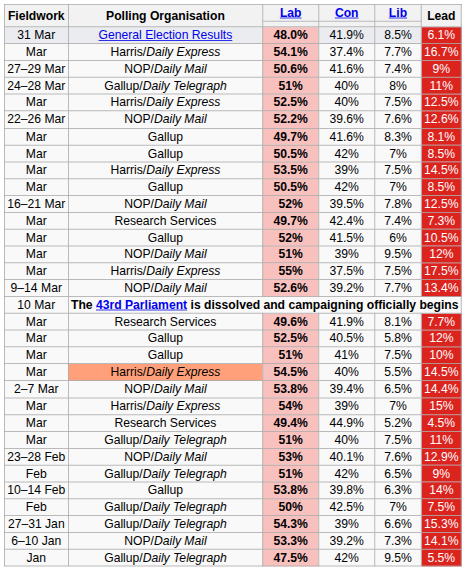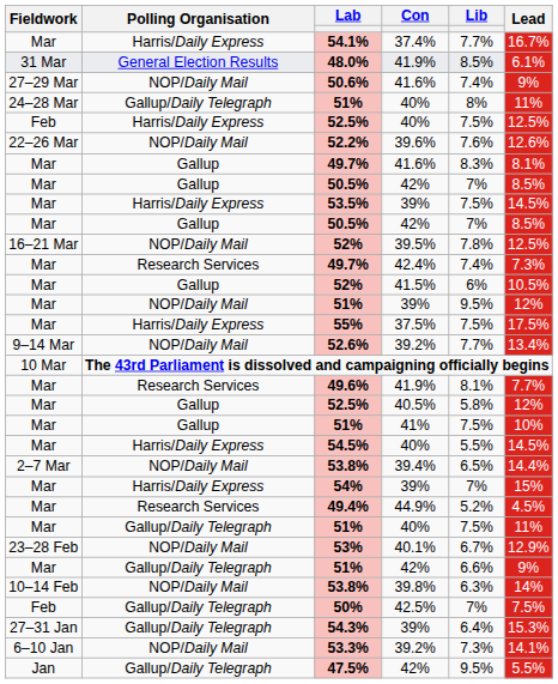 <table class="wikitable" style="text-align: center; line-height: 14px; font-size: 95%;">
 <tr>
 <th rowspan="2">Fieldwork</th>
 <th rowspan="2">Polling Organisation</th>
 <th><a href='#'>Lab</a></th>
 <th><a href='#'>Con</a></th>
 <th><a href='#'>Lib</a></th>
 <th class="unsortable" style="width:20px;" rowspan="2">Lead</th>
 </tr>
 <tr>
 <th style="background:"></th>
 <th style="background:"></th>
 <th style="background:"></th>
 </tr>
 <tr>
+<td>Mar</td>
+<td>Harris/<em>Daily Express</em></td>
+<td style="background:#F8C1BE"><strong>54.1%</strong></td>
+<td>37.4%</td>
+<td>7.7%</td>
+<td style="background:#DC241F; color:white;">16.7%</td>
+</tr>
+<tr>
 <td style="background:#EAECF0;">31 Mar</td>
 <td style="background:#EAECF0;"><a href='#'>General Election Results</a></td>
 <td style="background:#F8C1BE;"><strong>48.0%</strong></td>
 <td style="background:#EAECF0;">41.9%</td>
 <td style="background:#EAECF0;">8.5%</td>
 <td style="background:#DC241F; color:white;">6.1%</td>
-</tr>
-<tr>
-<td>Mar</td>
-<td>Harris/<em>Daily Express</em></td>
-<td style="background:#F8C1BE"><strong>54.1%</strong></td>
-<td>37.4%</td>
-<td>7.7%</td>
-<td style="background:#DC241F; color:white;">16.7%</td>
 </tr>
 <tr>
 <td>27–29 Mar</td>
 <td>NOP/<em>Daily Mail</em></td>
 <td style="background:#F8C1BE"><strong>50.6%</strong></td>
 <td>41.6%</td>
 <td>7.4%</td>
 <td style="background:#DC241F; color:white;">9%</td>
 </tr>
 <tr>
 <td>24–28 Mar</td>
 <td>Gallup/<em>Daily Telegraph</em></td>
 <td style="background:#F8C1BE"><strong>51%</strong></td>
 <td>40%</td>
 <td>8%</td>
 <td style="background:#DC241F; color:white;">11%</td>
 </tr>
 <tr>
-<td>Mar</td>
+<td>Feb</td>
 <td>Harris/<em>Daily Express</em></td>
 <td style="background:#F8C1BE"><strong>52.5%</strong></td>
 <td>40%</td>
 <td>7.5%</td>
 <td style="background:#DC241F; color:white;">12.5%</td>
 </tr>
 <tr>
 <td>22–26 Mar</td>
 <td>NOP/<em>Daily Mail</em></td>
 <td style="background:#F8C1BE"><strong>52.2%</strong></td>
 <td>39.6%</td>
 <td>7.6%</td>
 <td style="background:#DC241F; color:white;">12.6%</td>
 </tr>
 <tr>
 <td>Mar</td>
 <td>Gallup</td>
 <td style="background:#F8C1BE"><strong>49.7%</strong></td>
 <td>41.6%</td>
 <td>8.3%</td>
 <td style="background:#DC241F; color:white;">8.1%</td>
 </tr>
 <tr>
 <td>Mar</td>
 <td>Gallup</td>
 <td style="background:#F8C1BE"><strong>50.5%</strong></td>
 <td>42%</td>
 <td>7%</td>
 <td style="background:#DC241F; color:white;">8.5%</td>
 </tr>
 <tr>
 <td>Mar</td>
 <td>Harris/<em>Daily Express</em></td>
 <td style="background:#F8C1BE"><strong>53.5%</strong></td>
 <td>39%</td>
 <td>7.5%</td>
 <td style="background:#DC241F; color:white;">14.5%</td>
 </tr>
 <tr>
 <td>Mar</td>
 <td>Gallup</td>
 <td style="background:#F8C1BE"><strong>50.5%</strong></td>
 <td>42%</td>
 <td>7%</td>
 <td style="background:#DC241F; color:white;">8.5%</td>
 </tr>
 <tr>
 <td>16–21 Mar</td>
 <td>NOP/<em>Daily Mail</em></td>
 <td style="background:#F8C1BE"><strong>52%</strong></td>
 <td>39.5%</td>
 <td>7.8%</td>
 <td style="background:#DC241F; color:white;">12.5%</td>
 </tr>
 <tr>
 <td>Mar</td>
 <td>Research Services</td>
 <td style="background:#F8C1BE"><strong>49.7%</strong></td>
 <td>42.4%</td>
 <td>7.4%</td>
 <td style="background:#DC241F; color:white;">7.3%</td>
 </tr>
 <tr>
 <td>Mar</td>
 <td>Gallup</td>
 <td style="background:#F8C1BE"><strong>52%</strong></td>
 <td>41.5%</td>
 <td>6%</td>
 <td style="background:#DC241F; color:white;">10.5%</td>
 </tr>
 <tr>
 <td>Mar</td>
 <td>NOP/<em>Daily Mail</em></td>
 <td style="background:#F8C1BE"><strong>51%</strong></td>
 <td>39%</td>
 <td>9.5%</td>
 <td style="background:#DC241F; color:white;">12%</td>
 </tr>
 <tr>
 <td>Mar</td>
 <td>Harris/<em>Daily Express</em></td>
 <td style="background:#F8C1BE"><strong>55%</strong></td>
 <td>37.5%</td>
 <td>7.5%</td>
 <td style="background:#DC241F; color:white;">17.5%</td>
 </tr>
 <tr>
 <td>9–14 Mar</td>
 <td>NOP/<em>Daily Mail</em></td>
 <td style="background:#F8C1BE"><strong>52.6%</strong></td>
 <td>39.2%</td>
 <td>7.7%</td>
 <td style="background:#DC241F; color:white;">13.4%</td>
 </tr>
 <tr>
 <td>10 Mar</td>
 <td colspan="5"><strong>The <a href='#'>43rd Parliament</a> is dissolved and campaigning officially begins</strong></td>
 </tr>
 <tr>
 <td>Mar</td>
 <td>Research Services</td>
 <td style="background:#F8C1BE"><strong>49.6%</strong></td>
 <td>41.9%</td>
 <td>8.1%</td>
 <td style="background:#DC241F; color:white;">7.7%</td>
 </tr>
 <tr>
 <td>Mar</td>
 <td>Gallup</td>
 <td style="background:#F8C1BE"><strong>52.5%</strong></td>
 <td>40.5%</td>
 <td>5.8%</td>
 <td style="background:#DC241F; color:white;">12%</td>
 </tr>
 <tr>
 <td>Mar</td>
 <td>Gallup</td>
 <td style="background:#F8C1BE"><strong>51%</strong></td>
 <td>41%</td>
 <td>7.5%</td>
 <td style="background:#DC241F; color:white;">10%</td>
 </tr>
 <tr>
 <td>Mar</td>
-<td style="background: lightsalmon;">Harris/<em>Daily Express</em></td>
+<td>Harris/<em>Daily Express</em></td>
 <td style="background:#F8C1BE"><strong>54.5%</strong></td>
 <td>40%</td>
 <td>5.5%</td>
 <td style="background:#DC241F; color:white;">14.5%</td>
 </tr>
 <tr>
 <td>2–7 Mar</td>
 <td>NOP/<em>Daily Mail</em></td>
 <td style="background:#F8C1BE"><strong>53.8%</strong></td>
 <td>39.4%</td>
 <td>6.5%</td>
 <td style="background:#DC241F; color:white;">14.4%</td>
 </tr>
 <tr>
 <td>Mar</td>
 <td>Harris/<em>Daily Express</em></td>
 <td style="background:#F8C1BE"><strong>54%</strong></td>
 <td>39%</td>
 <td>7%</td>
 <td style="background:#DC241F; color:white;">15%</td>
 </tr>
 <tr>
 <td>Mar</td>
 <td>Research Services</td>
 <td style="background:#F8C1BE"><strong>49.4%</strong></td>
 <td>44.9%</td>
 <td>5.2%</td>
 <td style="background:#DC241F; color:white;">4.5%</td>
 </tr>
 <tr>
 <td>Mar</td>
 <td>Gallup/<em>Daily Telegraph</em></td>
 <td style="background:#F8C1BE"><strong>51%</strong></td>
 <td>40%</td>
 <td>7.5%</td>
 <td style="background:#DC241F; color:white;">11%</td>
 </tr>
 <tr>
 <td>23–28 Feb</td>
 <td>NOP/<em>Daily Mail</em></td>
 <td style="background:#F8C1BE"><strong>53%</strong></td>
 <td>40.1%</td>
-<td>7.6%</td>
+<td>6.7%</td>
 <td style="background:#DC241F; color:white;">12.9%</td>
 </tr>
 <tr>
-<td>Feb</td>
+<td>Mar</td>
 <td>Gallup/<em>Daily Telegraph</em></td>
 <td style="background:#F8C1BE"><strong>51%</strong></td>
 <td>42%</td>
-<td>6.5%</td>
+<td>6.6%</td>
 <td style="background:#DC241F; color:white;">9%</td>
 </tr>
 <tr>
 <td>10–14 Feb</td>
-<td>Gallup</td>
+<td>NOP/<em>Daily Mail</em></td>
 <td style="background:#F8C1BE"><strong>53.8%</strong></td>
 <td>39.8%</td>
 <td>6.3%</td>
 <td style="background:#DC241F; color:white;">14%</td>
 </tr>
 <tr>
 <td>Feb</td>
 <td>Gallup/<em>Daily Telegraph</em></td>
 <td style="background:#F8C1BE"><strong>50%</strong></td>
 <td>42.5%</td>
 <td>7%</td>
 <td style="background:#DC241F; color:white;">7.5%</td>
 </tr>
 <tr>
 <td>27–31 Jan</td>
 <td>Gallup/<em>Daily Telegraph</em></td>
 <td style="background:#F8C1BE"><strong>54.3%</strong></td>
 <td>39%</td>
-<td>6.6%</td>
+<td>6.4%</td>
 <td style="background:#DC241F; color:white;">15.3%</td>
 </tr>
 <tr>
 <td>6–10 Jan</td>
 <td>NOP/<em>Daily Mail</em></td>
 <td style="background:#F8C1BE"><strong>53.3%</strong></td>
 <td>39.2%</td>
 <td>7.3%</td>
 <td style="background:#DC241F; color:white;">14.1%</td>
 </tr>
 <tr>
 <td>Jan</td>
 <td>Gallup/<em>Daily Telegraph</em></td>
 <td style="background:#F8C1BE"><strong>47.5%</strong></td>
 <td>42%</td>
 <td>9.5%</td>
 <td style="background:#DC241F; color:white;">5.5%</td>
 </tr>
 </table>
